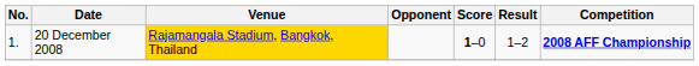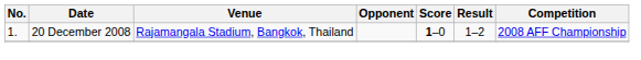 <table class="wikitable">
 <tr>
 <th>No.</th>
 <th>Date</th>
 <th>Venue</th>
 <th>Opponent</th>
 <th>Score</th>
 <th>Result</th>
 <th>Competition</th>
 </tr>
 <tr>
 <td>1.</td>
 <td>20 December 2008</td>
-<td style="background: gold;"><a href='#'>Rajamangala Stadium</a>, <a href='#'>Bangkok</a>, Thailand</td>
+<td><a href='#'>Rajamangala Stadium</a>, <a href='#'>Bangkok</a>, Thailand</td>
 <td></td>
 <td align=center><strong>1</strong>–0</td>
 <td align=center>1–2</td>
-<td><strong><a href='#'>2008 AFF Championship</a></strong></td>
+<td><a href='#'>2008 AFF Championship</a></td>
 </tr>
 <tr>
 </tr>
 </table>
